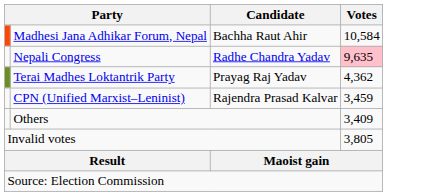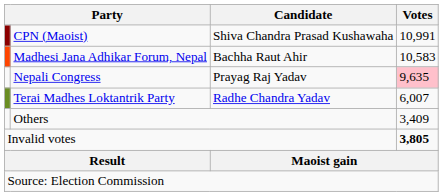 <table class="wikitable">
 <tr>
 <th colspan="2">Party</th>
 <th>Candidate</th>
 <th>Votes</th>
 </tr>
 <tr>
+<td style="background-color:darkred"></td>
+<td><a href='#'>CPN (Maoist)</a></td>
+<td>Shiva Chandra Prasad Kushawaha</td>
+<td>10,991</td>
+</tr>
+<tr>
 <td style="background-color:orangered"></td>
 <td><a href='#'>Madhesi Jana Adhikar Forum, Nepal</a></td>
 <td>Bachha Raut Ahir</td>
-<td>10,584</td>
+<td>10,583</td>
 </tr>
 <tr>
 <td style="background-color:"></td>
 <td><a href='#'>Nepali Congress</a></td>
-<td><a href='#'>Radhe Chandra Yadav</a></td>
+<td>Prayag Raj Yadav</td>
 <td style="background: pink;">9,635</td>
 </tr>
 <tr>
 <td style="background-color:olivedrab"></td>
 <td><a href='#'>Terai Madhes Loktantrik Party</a></td>
-<td>Prayag Raj Yadav</td>
-<td>4,362</td>
-</tr>
-<tr>
-<td style="background-color:"></td>
-<td><a href='#'>CPN (Unified Marxist–Leninist)</a></td>
-<td>Rajendra Prasad Kalvar</td>
-<td>3,459</td>
+<td><a href='#'>Radhe Chandra Yadav</a></td>
+<td>6,007</td>
 </tr>
 <tr>
 <td></td>
 <td colspan="2">Others</td>
 <td>3,409</td>
 </tr>
 <tr>
 <td colspan="3">Invalid votes</td>
-<td>3,805</td>
+<td><strong>3,805</strong></td>
 </tr>
 <tr>
 <th colspan="2">Result</th>
 <th colspan="2">Maoist gain</th>
 </tr>
 <tr>
 <td colspan="4">Source: Election Commission</td>
 </tr>
 </table>
